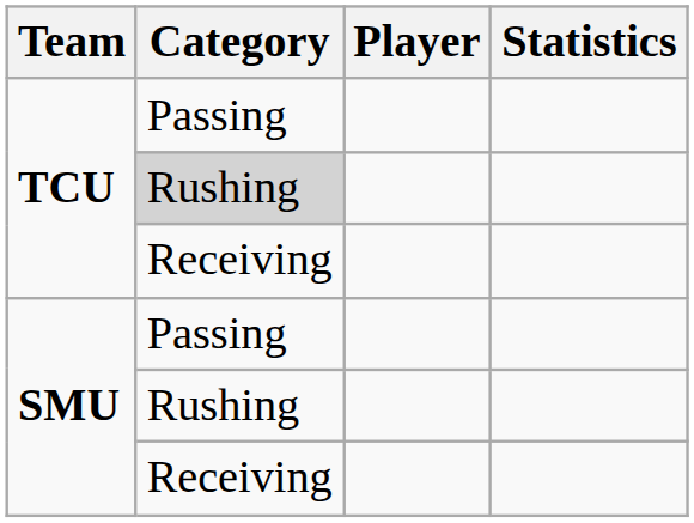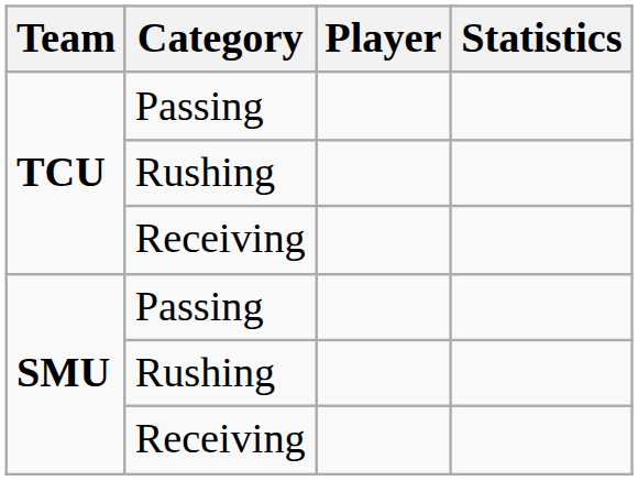 <table class="wikitable" style="float: right;">
 <tr>
 <th>Team</th>
 <th>Category</th>
 <th>Player</th>
 <th>Statistics</th>
 </tr>
 <tr>
 <td rowspan=3><strong>TCU</strong></td>
 <td>Passing</td>
 <td></td>
 <td></td>
 </tr>
 <tr>
-<td style="background: lightgrey;">Rushing</td>
+<td>Rushing</td>
 <td></td>
 <td></td>
 </tr>
 <tr>
 <td>Receiving</td>
 <td></td>
 <td></td>
 </tr>
 <tr>
 <td rowspan=3><strong>SMU</strong></td>
 <td>Passing</td>
 <td></td>
 <td></td>
 </tr>
 <tr>
 <td>Rushing</td>
 <td></td>
 <td></td>
 </tr>
 <tr>
 <td>Receiving</td>
 <td></td>
 <td></td>
 </tr>
 </table>
